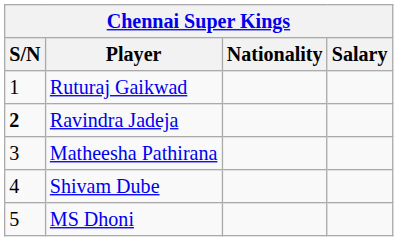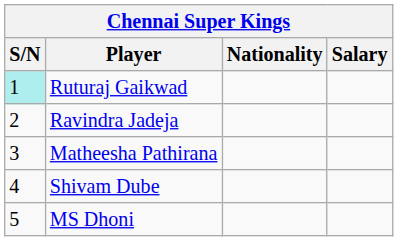 <table class="wikitable" style="font-size:95%;">
 <tr>
 <th scope="colgroup" colspan="4" style="background:#"><a href='#'><span>Chennai Super Kings</span></a></th>
 </tr>
 <tr>
 <th scope="col">S/N</th>
 <th scope="col">Player</th>
 <th scope="col">Nationality</th>
 <th scope="col">Salary</th>
 </tr>
 <tr>
-<td>1</td>
+<td style="background: paleturquoise;">1</td>
 <td><a href='#'>Ruturaj Gaikwad</a></td>
 <td></td>
 <td></td>
 </tr>
 <tr>
-<td><strong>2</strong></td>
+<td>2</td>
 <td><a href='#'>Ravindra Jadeja</a></td>
 <td></td>
 <td></td>
 </tr>
 <tr>
 <td>3</td>
 <td><a href='#'>Matheesha Pathirana</a></td>
 <td></td>
 <td></td>
 </tr>
 <tr>
 <td>4</td>
 <td><a href='#'>Shivam Dube</a></td>
 <td></td>
 <td></td>
 </tr>
 <tr>
 <td>5</td>
 <td><a href='#'>MS Dhoni</a></td>
 <td></td>
 <td></td>
 </tr>
 </table>
